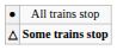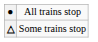 <table class="wikitable" style="text-align:center">
 <tr>
 <th>●</th>
 <td>All trains stop</td>
 </tr>
 <tr>
 <th>△</th>
-<td><strong>Some trains stop</strong></td>
+<td>Some trains stop</td>
 </tr>
 </table>
